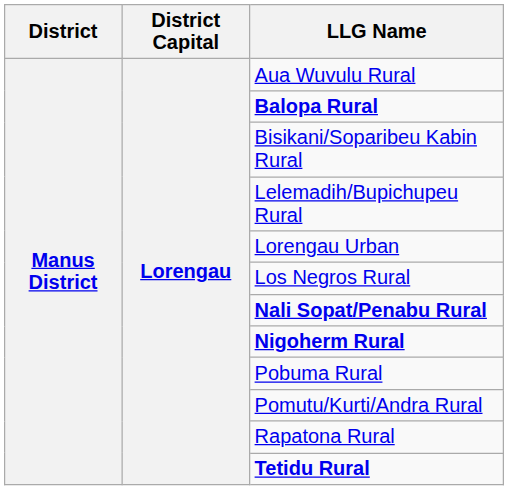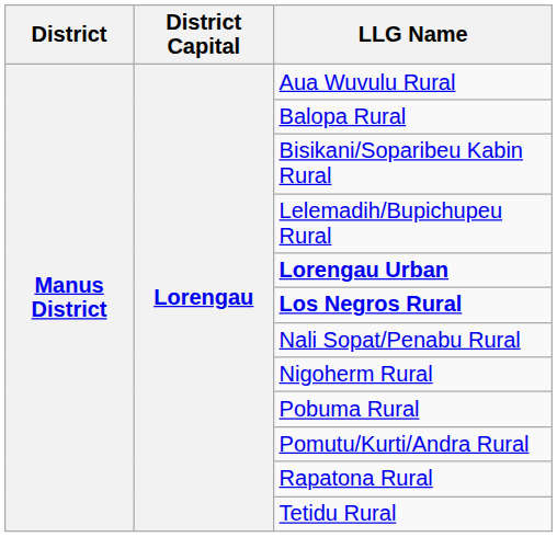 <table class="wikitable" style="text-align: left;" width="400">
 <tr>
 <th>District</th>
 <th>District Capital</th>
 <th>LLG Name</th>
 </tr>
 <tr>
 <th rowspan="12"><a href='#'>Manus District</a></th>
 <th rowspan="12"><a href='#'>Lorengau</a></th>
 <td><a href='#'>Aua Wuvulu Rural</a></td>
 </tr>
 <tr>
-<td><strong><a href='#'>Balopa Rural</a></strong></td>
+<td><a href='#'>Balopa Rural</a></td>
 </tr>
 <tr>
 <td><a href='#'>Bisikani/Soparibeu Kabin Rural</a></td>
 </tr>
 <tr>
 <td><a href='#'>Lelemadih/Bupichupeu Rural</a></td>
 </tr>
 <tr>
-<td><a href='#'>Lorengau Urban</a></td>
+<td><strong><a href='#'>Lorengau Urban</a></strong></td>
 </tr>
 <tr>
-<td><a href='#'>Los Negros Rural</a></td>
+<td><strong><a href='#'>Los Negros Rural</a></strong></td>
 </tr>
 <tr>
-<td><strong><a href='#'>Nali Sopat/Penabu Rural</a></strong></td>
+<td><a href='#'>Nali Sopat/Penabu Rural</a></td>
 </tr>
 <tr>
-<td><strong><a href='#'>Nigoherm Rural</a></strong></td>
+<td><a href='#'>Nigoherm Rural</a></td>
 </tr>
 <tr>
 <td><a href='#'>Pobuma Rural</a></td>
 </tr>
 <tr>
 <td><a href='#'>Pomutu/Kurti/Andra Rural</a></td>
 </tr>
 <tr>
 <td><a href='#'>Rapatona Rural</a></td>
 </tr>
 <tr>
-<td><strong><a href='#'>Tetidu Rural</a></strong></td>
+<td><a href='#'>Tetidu Rural</a></td>
 </tr>
 </table>
